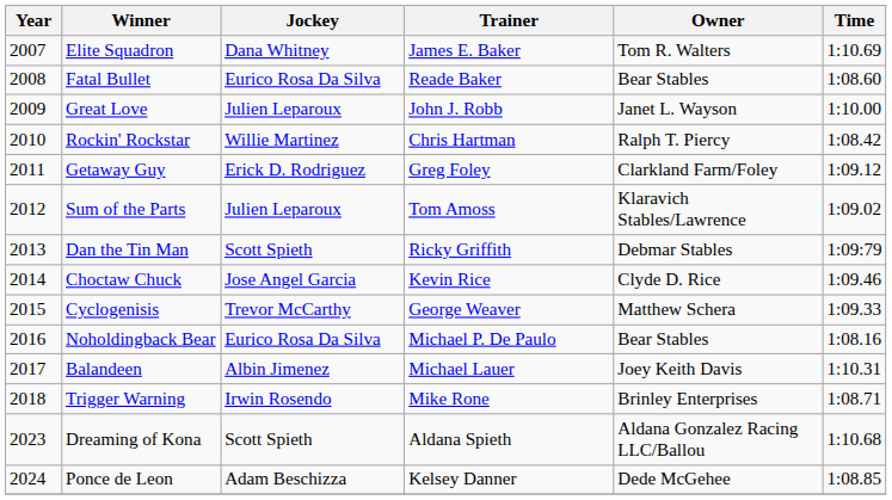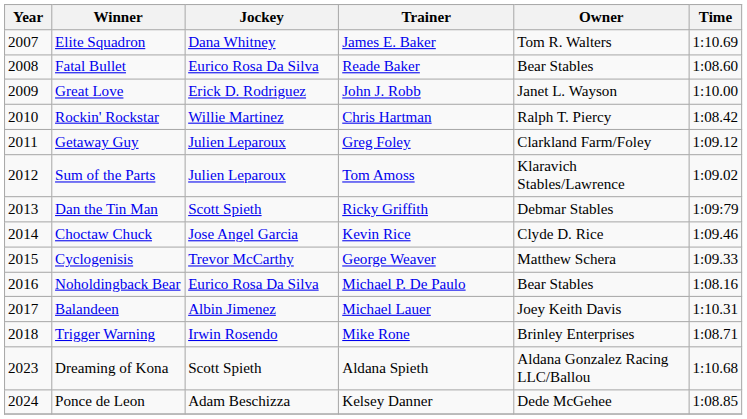 <table class="wikitable sortable" style="font-size:90%">
 <tr>
 <th style="width:38px">Year</th>
 <th style="width:120px">Winner</th>
 <th style="width:140px">Jockey</th>
 <th style="width:160px">Trainer</th>
 <th style="width:160px">Owner</th>
 <th>Time</th>
 </tr>
 <tr>
 <td>2007</td>
 <td><a href='#'>Elite Squadron</a></td>
 <td><a href='#'>Dana Whitney</a></td>
 <td><a href='#'>James E. Baker</a></td>
 <td>Tom R. Walters</td>
 <td>1:10.69</td>
 </tr>
 <tr>
 <td>2008</td>
 <td><a href='#'>Fatal Bullet</a></td>
 <td><a href='#'>Eurico Rosa Da Silva</a></td>
 <td><a href='#'>Reade Baker</a></td>
 <td>Bear Stables</td>
 <td>1:08.60</td>
 </tr>
 <tr>
 <td>2009</td>
 <td><a href='#'>Great Love</a></td>
-<td><a href='#'>Julien Leparoux</a></td>
+<td><a href='#'>Erick D. Rodriguez</a></td>
 <td><a href='#'>John J. Robb</a></td>
 <td>Janet L. Wayson</td>
 <td>1:10.00</td>
 </tr>
 <tr>
 <td>2010</td>
 <td><a href='#'>Rockin' Rockstar</a></td>
 <td><a href='#'>Willie Martinez</a></td>
 <td><a href='#'>Chris Hartman</a></td>
 <td>Ralph T. Piercy</td>
 <td>1:08.42</td>
 </tr>
 <tr>
 <td>2011</td>
 <td><a href='#'>Getaway Guy</a></td>
-<td><a href='#'>Erick D. Rodriguez</a></td>
+<td><a href='#'>Julien Leparoux</a></td>
 <td><a href='#'>Greg Foley</a></td>
 <td>Clarkland Farm/Foley</td>
 <td>1:09.12</td>
 </tr>
 <tr>
 <td>2012</td>
 <td><a href='#'>Sum of the Parts</a></td>
 <td><a href='#'>Julien Leparoux</a></td>
 <td><a href='#'>Tom Amoss</a></td>
 <td>Klaravich Stables/Lawrence</td>
 <td>1:09.02</td>
 </tr>
 <tr>
 <td>2013</td>
 <td><a href='#'>Dan the Tin Man</a></td>
 <td><a href='#'>Scott Spieth</a></td>
 <td><a href='#'>Ricky Griffith</a></td>
 <td>Debmar Stables</td>
 <td>1:09:79</td>
 </tr>
 <tr>
 <td>2014</td>
 <td><a href='#'>Choctaw Chuck</a></td>
 <td><a href='#'>Jose Angel Garcia</a></td>
 <td><a href='#'>Kevin Rice</a></td>
 <td>Clyde D. Rice</td>
 <td>1:09.46</td>
 </tr>
 <tr>
 <td>2015</td>
 <td><a href='#'>Cyclogenisis</a></td>
 <td><a href='#'>Trevor McCarthy</a></td>
 <td><a href='#'>George Weaver</a></td>
 <td>Matthew Schera</td>
 <td>1:09.33</td>
 </tr>
 <tr>
 <td>2016</td>
 <td><a href='#'>Noholdingback Bear</a></td>
 <td><a href='#'>Eurico Rosa Da Silva</a></td>
 <td><a href='#'>Michael P. De Paulo</a></td>
 <td>Bear Stables</td>
 <td>1:08.16</td>
 </tr>
 <tr>
 <td>2017</td>
 <td><a href='#'>Balandeen</a></td>
 <td><a href='#'>Albin Jimenez</a></td>
 <td><a href='#'>Michael Lauer</a></td>
 <td>Joey Keith Davis</td>
 <td>1:10.31</td>
 </tr>
 <tr>
 <td>2018</td>
 <td><a href='#'>Trigger Warning</a></td>
 <td><a href='#'>Irwin Rosendo</a></td>
 <td><a href='#'>Mike Rone</a></td>
 <td>Brinley Enterprises</td>
 <td>1:08.71</td>
 </tr>
 <tr>
 <td>2023</td>
 <td>Dreaming of Kona</td>
 <td>Scott Spieth</td>
 <td>Aldana Spieth</td>
 <td>Aldana Gonzalez Racing LLC/Ballou</td>
 <td>1:10.68</td>
 </tr>
 <tr>
 <td>2024</td>
 <td>Ponce de Leon</td>
 <td>Adam Beschizza</td>
 <td>Kelsey Danner</td>
 <td>Dede McGehee</td>
 <td>1:08.85</td>
 </tr>
 <tr>
 </tr>
 </table>
